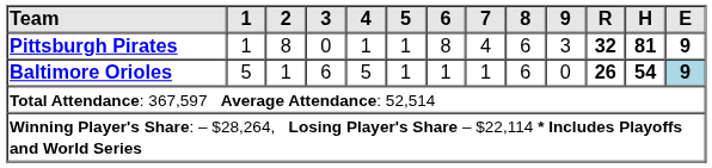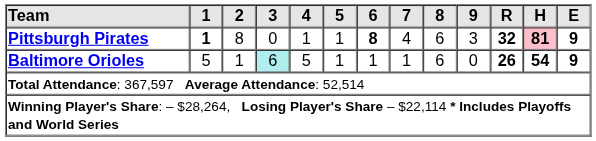 <table border=1 cellspacing=0 width=575 style="margin-left:3em;">
 <tr style="text-align:center; background-color:#e6e6e6;">
 <th align=left width=155>Team</th>
 <th width=25>1</th>
 <th width=25>2</th>
 <th width=25>3</th>
 <th width=25>4</th>
 <th width=25>5</th>
 <th width=25>6</th>
 <th width=25>7</th>
 <th width=25>8</th>
 <th width=25>9</th>
 <th width=25>R</th>
 <th width=25>H</th>
 <th width=25>E</th>
 </tr>
 <tr style="text-align:center;">
 <td align=left><strong><a href='#'>Pittsburgh Pirates</a></strong></td>
-<td>1</td>
+<td><strong>1</strong></td>
 <td>8</td>
 <td>0</td>
 <td>1</td>
 <td>1</td>
-<td>8</td>
+<td><strong>8</strong></td>
 <td>4</td>
 <td>6</td>
 <td>3</td>
 <td><strong>32</strong></td>
-<td><strong>81</strong></td>
+<td style="background: pink;"><strong>81</strong></td>
 <td><strong>9</strong></td>
 </tr>
 <tr style="text-align:center;">
 <td align=left><strong><a href='#'>Baltimore Orioles</a></strong></td>
 <td>5</td>
 <td>1</td>
-<td>6</td>
+<td style="background: paleturquoise;">6</td>
 <td>5</td>
 <td>1</td>
 <td>1</td>
 <td>1</td>
 <td>6</td>
 <td>0</td>
 <td><strong>26</strong></td>
 <td><strong>54</strong></td>
-<td style="background: lightblue;"><strong>9</strong></td>
+<td><strong>9</strong></td>
 </tr>
 <tr style="text-align:left;">
 <td colspan=14><small><strong>Total Attendance</strong>: 367,597   <strong>Average Attendance</strong>: 52,514</small></td>
 </tr>
 <tr style="text-align:left;">
 <td colspan=14><small><strong>Winning Player's Share</strong>:  – $28,264,   <strong>Losing Player's Share</strong> – $22,114 <strong>* Includes Playoffs and World Series</strong></small></td>
 </tr>
 </table>
